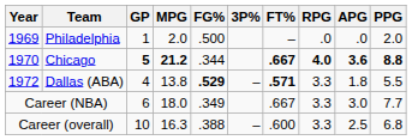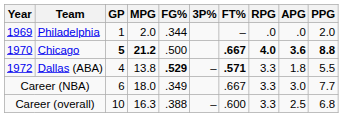 <table class="wikitable sortable" style="font-size:95%; text-align:right;">
 <tr>
 <th>Year</th>
 <th>Team</th>
 <th>GP</th>
 <th>MPG</th>
 <th>FG%</th>
 <th>3P%</th>
 <th>FT%</th>
 <th>RPG</th>
 <th>APG</th>
 <th>PPG</th>
 </tr>
 <tr>
 <td style="text-align:left;"><a href='#'>1969</a></td>
 <td style="text-align:left;"><a href='#'>Philadelphia</a></td>
 <td>1</td>
 <td>2.0</td>
-<td>.500</td>
+<td>.344</td>
 <td></td>
 <td>–</td>
 <td>.0</td>
 <td>.0</td>
 <td>2.0</td>
 </tr>
 <tr>
 <td style="text-align:left;"><a href='#'>1970</a></td>
 <td style="text-align:left;"><a href='#'>Chicago</a></td>
 <td><strong>5</strong></td>
 <td><strong>21.2</strong></td>
-<td>.344</td>
+<td>.500</td>
 <td></td>
 <td><strong>.667</strong></td>
 <td><strong>4.0</strong></td>
 <td><strong>3.6</strong></td>
 <td><strong>8.8</strong></td>
 </tr>
 <tr>
 <td style="text-align:left;"><a href='#'>1972</a></td>
 <td style="text-align:left;"><a href='#'>Dallas</a> (ABA)</td>
 <td>4</td>
 <td>13.8</td>
 <td><strong>.529</strong></td>
 <td>–</td>
 <td><strong>.571</strong></td>
 <td>3.3</td>
 <td>1.8</td>
 <td>5.5</td>
 </tr>
 <tr class="sortbottom">
 <td colspan="2" style="text-align:center;">Career (NBA)</td>
 <td>6</td>
 <td>18.0</td>
 <td>.349</td>
 <td></td>
 <td>.667</td>
 <td>3.3</td>
 <td>3.0</td>
 <td>7.7</td>
 </tr>
 <tr class="sortbottom">
 <td colspan="2" style="text-align:center;">Career (overall)</td>
 <td>10</td>
 <td>16.3</td>
 <td>.388</td>
 <td>–</td>
 <td>.600</td>
 <td>3.3</td>
 <td>2.5</td>
 <td>6.8</td>
 </tr>
 </table>
